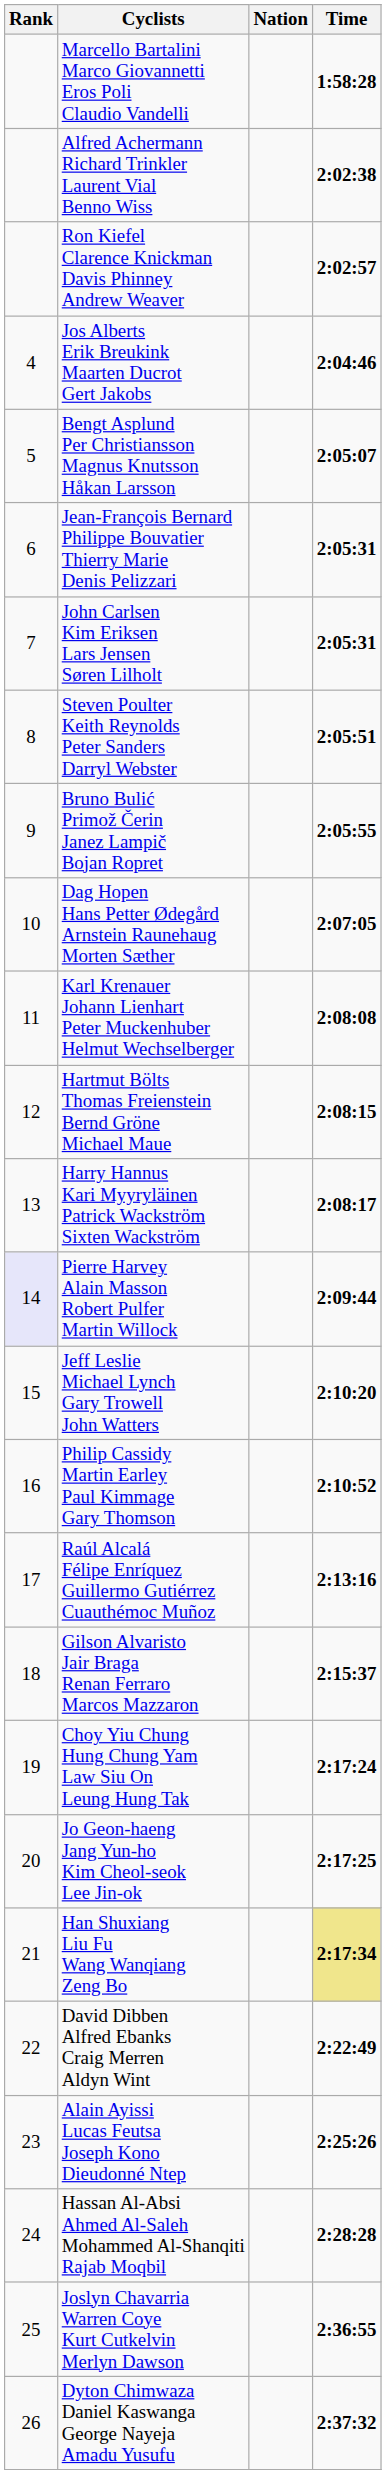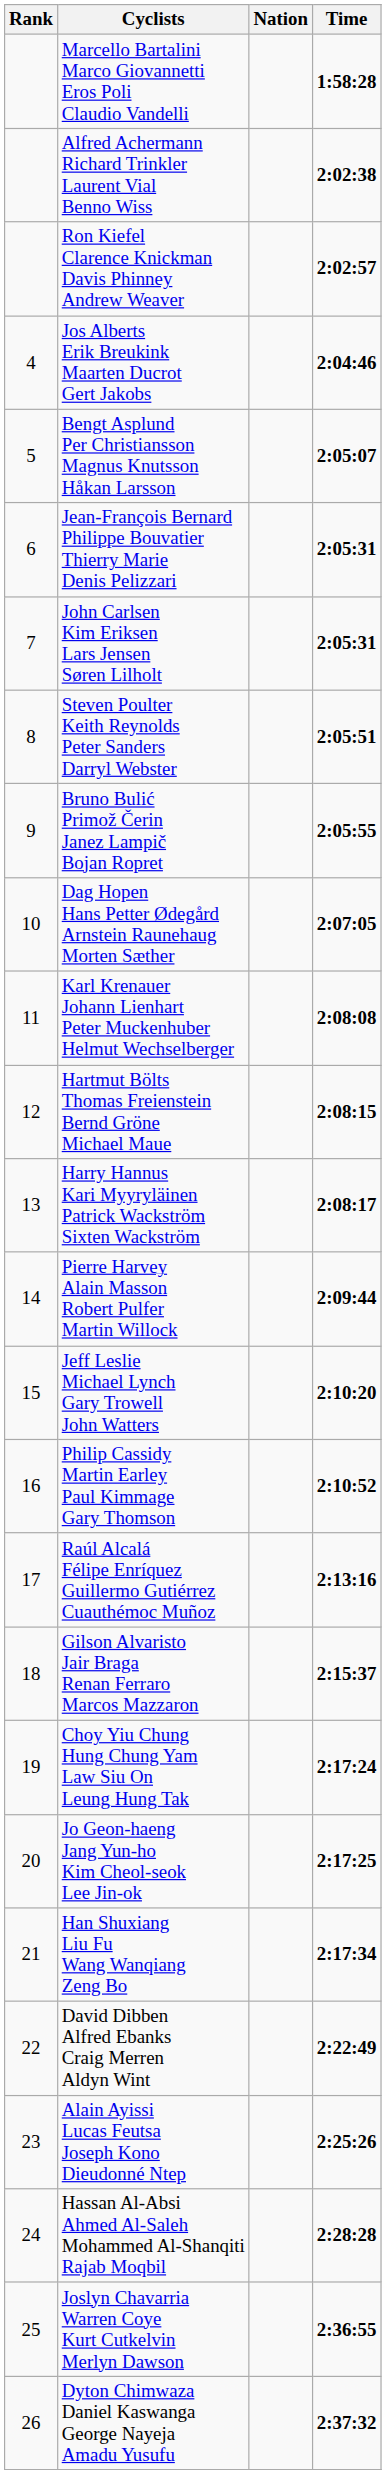 <table class=wikitable style="text-align:center">
 <tr>
 <th>Rank</th>
 <th>Cyclists</th>
 <th>Nation</th>
 <th>Time</th>
 </tr>
 <tr>
 <td></td>
 <td align=left><a href='#'>Marcello Bartalini</a><br> <a href='#'>Marco Giovannetti</a><br> <a href='#'>Eros Poli</a><br> <a href='#'>Claudio Vandelli</a></td>
 <td></td>
 <td><strong>1:58:28</strong></td>
 </tr>
 <tr>
 <td></td>
 <td align=left><a href='#'>Alfred Achermann</a><br> <a href='#'>Richard Trinkler</a><br> <a href='#'>Laurent Vial</a><br> <a href='#'>Benno Wiss</a></td>
 <td></td>
 <td><strong>2:02:38</strong></td>
 </tr>
 <tr>
 <td></td>
 <td align=left><a href='#'>Ron Kiefel</a><br> <a href='#'>Clarence Knickman</a><br> <a href='#'>Davis Phinney</a><br> <a href='#'>Andrew Weaver</a></td>
 <td></td>
 <td><strong>2:02:57</strong></td>
 </tr>
 <tr>
 <td>4</td>
 <td align=left><a href='#'>Jos Alberts</a><br> <a href='#'>Erik Breukink</a><br> <a href='#'>Maarten Ducrot</a><br> <a href='#'>Gert Jakobs</a></td>
 <td></td>
 <td><strong>2:04:46</strong></td>
 </tr>
 <tr>
 <td>5</td>
 <td align=left><a href='#'>Bengt Asplund</a><br> <a href='#'>Per Christiansson</a><br> <a href='#'>Magnus Knutsson</a><br> <a href='#'>Håkan Larsson</a></td>
 <td></td>
 <td><strong>2:05:07</strong></td>
 </tr>
 <tr>
 <td>6</td>
 <td align=left><a href='#'>Jean-François Bernard</a><br> <a href='#'>Philippe Bouvatier</a><br> <a href='#'>Thierry Marie</a><br> <a href='#'>Denis Pelizzari</a></td>
 <td></td>
 <td><strong>2:05:31</strong></td>
 </tr>
 <tr>
 <td>7</td>
 <td align=left><a href='#'>John Carlsen</a><br> <a href='#'>Kim Eriksen</a><br> <a href='#'>Lars Jensen</a><br> <a href='#'>Søren Lilholt</a></td>
 <td></td>
 <td><strong>2:05:31</strong></td>
 </tr>
 <tr>
 <td>8</td>
 <td align=left><a href='#'>Steven Poulter</a><br> <a href='#'>Keith Reynolds</a><br> <a href='#'>Peter Sanders</a><br> <a href='#'>Darryl Webster</a></td>
 <td></td>
 <td><strong>2:05:51</strong></td>
 </tr>
 <tr>
 <td>9</td>
 <td align=left><a href='#'>Bruno Bulić</a><br> <a href='#'>Primož Čerin</a><br> <a href='#'>Janez Lampič</a><br> <a href='#'>Bojan Ropret</a></td>
 <td></td>
 <td><strong>2:05:55</strong></td>
 </tr>
 <tr>
 <td>10</td>
 <td align=left><a href='#'>Dag Hopen</a><br> <a href='#'>Hans Petter Ødegård</a><br> <a href='#'>Arnstein Raunehaug</a><br> <a href='#'>Morten Sæther</a></td>
 <td></td>
 <td><strong>2:07:05</strong></td>
 </tr>
 <tr>
 <td>11</td>
 <td align=left><a href='#'>Karl Krenauer</a><br> <a href='#'>Johann Lienhart</a><br> <a href='#'>Peter Muckenhuber</a><br> <a href='#'>Helmut Wechselberger</a></td>
 <td></td>
 <td><strong>2:08:08</strong></td>
 </tr>
 <tr>
 <td>12</td>
 <td align=left><a href='#'>Hartmut Bölts</a><br> <a href='#'>Thomas Freienstein</a><br> <a href='#'>Bernd Gröne</a><br> <a href='#'>Michael Maue</a></td>
 <td></td>
 <td><strong>2:08:15</strong></td>
 </tr>
 <tr>
 <td>13</td>
 <td align=left><a href='#'>Harry Hannus</a><br> <a href='#'>Kari Myyryläinen</a><br> <a href='#'>Patrick Wackström</a><br> <a href='#'>Sixten Wackström</a></td>
 <td></td>
 <td><strong>2:08:17</strong></td>
 </tr>
 <tr>
-<td style="background: lavender;">14</td>
+<td>14</td>
 <td align=left><a href='#'>Pierre Harvey</a><br> <a href='#'>Alain Masson</a><br> <a href='#'>Robert Pulfer</a><br> <a href='#'>Martin Willock</a></td>
 <td></td>
 <td><strong>2:09:44</strong></td>
 </tr>
 <tr>
 <td>15</td>
 <td align=left><a href='#'>Jeff Leslie</a><br> <a href='#'>Michael Lynch</a><br> <a href='#'>Gary Trowell</a><br> <a href='#'>John Watters</a></td>
 <td></td>
 <td><strong>2:10:20</strong></td>
 </tr>
 <tr>
 <td>16</td>
 <td align=left><a href='#'>Philip Cassidy</a><br> <a href='#'>Martin Earley</a><br> <a href='#'>Paul Kimmage</a><br> <a href='#'>Gary Thomson</a></td>
 <td></td>
 <td><strong>2:10:52</strong></td>
 </tr>
 <tr>
 <td>17</td>
 <td align=left><a href='#'>Raúl Alcalá</a><br> <a href='#'>Félipe Enríquez</a><br> <a href='#'>Guillermo Gutiérrez</a><br> <a href='#'>Cuauthémoc Muñoz</a></td>
 <td></td>
 <td><strong>2:13:16</strong></td>
 </tr>
 <tr>
 <td>18</td>
 <td align=left><a href='#'>Gilson Alvaristo</a><br> <a href='#'>Jair Braga</a><br> <a href='#'>Renan Ferraro</a><br> <a href='#'>Marcos Mazzaron</a></td>
 <td></td>
 <td><strong>2:15:37</strong></td>
 </tr>
 <tr>
 <td>19</td>
 <td align=left><a href='#'>Choy Yiu Chung</a><br> <a href='#'>Hung Chung Yam</a><br> <a href='#'>Law Siu On</a><br> <a href='#'>Leung Hung Tak</a></td>
 <td></td>
 <td><strong>2:17:24</strong></td>
 </tr>
 <tr>
 <td>20</td>
 <td align=left><a href='#'>Jo Geon-haeng</a><br> <a href='#'>Jang Yun-ho</a><br> <a href='#'>Kim Cheol-seok</a><br> <a href='#'>Lee Jin-ok</a></td>
 <td></td>
 <td><strong>2:17:25</strong></td>
 </tr>
 <tr>
 <td>21</td>
 <td align=left><a href='#'>Han Shuxiang</a><br> <a href='#'>Liu Fu</a><br> <a href='#'>Wang Wanqiang</a><br> <a href='#'>Zeng Bo</a></td>
 <td></td>
-<td style="background: khaki;"><strong>2:17:34</strong></td>
+<td><strong>2:17:34</strong></td>
 </tr>
 <tr>
 <td>22</td>
 <td align=left>David Dibben<br> Alfred Ebanks<br> Craig Merren<br> Aldyn Wint</td>
 <td></td>
 <td><strong>2:22:49</strong></td>
 </tr>
 <tr>
 <td>23</td>
 <td align=left><a href='#'>Alain Ayissi</a><br> <a href='#'>Lucas Feutsa</a><br> <a href='#'>Joseph Kono</a><br> <a href='#'>Dieudonné Ntep</a></td>
 <td></td>
 <td><strong>2:25:26</strong></td>
 </tr>
 <tr>
 <td>24</td>
 <td align=left>Hassan Al-Absi<br> <a href='#'>Ahmed Al-Saleh</a><br> Mohammed Al-Shanqiti<br> <a href='#'>Rajab Moqbil</a></td>
 <td></td>
 <td><strong>2:28:28</strong></td>
 </tr>
 <tr>
 <td>25</td>
 <td align=left><a href='#'>Joslyn Chavarria</a><br> <a href='#'>Warren Coye</a><br> <a href='#'>Kurt Cutkelvin</a><br> <a href='#'>Merlyn Dawson</a></td>
 <td></td>
 <td><strong>2:36:55</strong></td>
 </tr>
 <tr>
 <td>26</td>
 <td align=left><a href='#'>Dyton Chimwaza</a><br> Daniel Kaswanga<br> George Nayeja<br> <a href='#'>Amadu Yusufu</a></td>
 <td></td>
 <td><strong>2:37:32</strong></td>
 </tr>
 <tr>
 </tr>
 </table>
